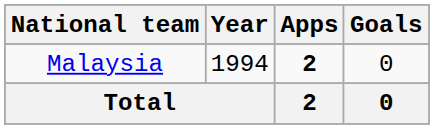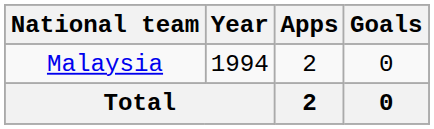 <table class=wikitable style=text-align:center>
 <tr>
 <th>National team</th>
 <th>Year</th>
 <th>Apps</th>
 <th>Goals</th>
 </tr>
 <tr>
 <td rowspan="1"><a href='#'>Malaysia</a></td>
 <td>1994</td>
-<td><strong>2</strong></td>
+<td>2</td>
 <td>0</td>
 </tr>
 <tr>
 <th colspan="2">Total</th>
 <th>2</th>
 <th>0</th>
 </tr>
 </table>
